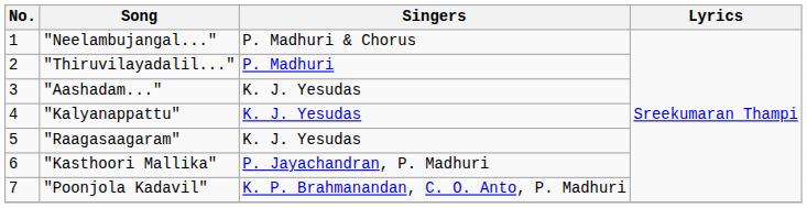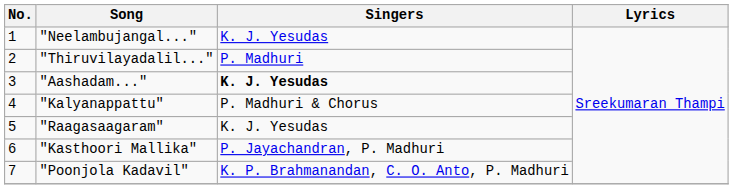 <table class="wikitable" style="font-size:95%;">
 <tr>
 <th>No.</th>
 <th>Song</th>
 <th>Singers</th>
 <th>Lyrics</th>
 </tr>
 <tr>
 <td>1</td>
 <td>"Neelambujangal..."</td>
-<td>P. Madhuri & Chorus</td>
+<td><a href='#'>K. J. Yesudas</a></td>
 <td rowspan=7><a href='#'>Sreekumaran Thampi</a></td>
 </tr>
 <tr>
 <td>2</td>
 <td>"Thiruvilayadalil..."</td>
 <td><a href='#'>P. Madhuri</a></td>
 </tr>
 <tr>
 <td>3</td>
 <td>"Aashadam..."</td>
-<td>K. J. Yesudas</td>
+<td><strong>K. J. Yesudas</strong></td>
 </tr>
 <tr>
 <td>4</td>
 <td>"Kalyanappattu"</td>
-<td><a href='#'>K. J. Yesudas</a></td>
+<td>P. Madhuri & Chorus</td>
 </tr>
 <tr>
 <td>5</td>
 <td>"Raagasaagaram"</td>
 <td>K. J. Yesudas</td>
 </tr>
 <tr>
 <td>6</td>
 <td>"Kasthoori Mallika"</td>
 <td><a href='#'>P. Jayachandran</a>, P. Madhuri</td>
 </tr>
 <tr>
 <td>7</td>
 <td>"Poonjola Kadavil"</td>
 <td><a href='#'>K. P. Brahmanandan</a>, <a href='#'>C. O. Anto</a>, P. Madhuri</td>
 </tr>
 <tr>
 </tr>
 </table>
